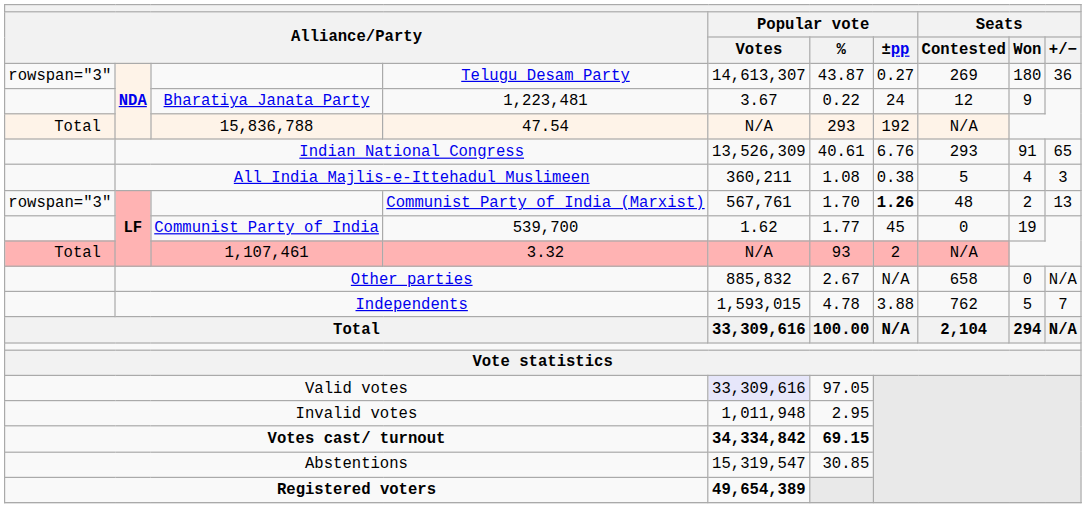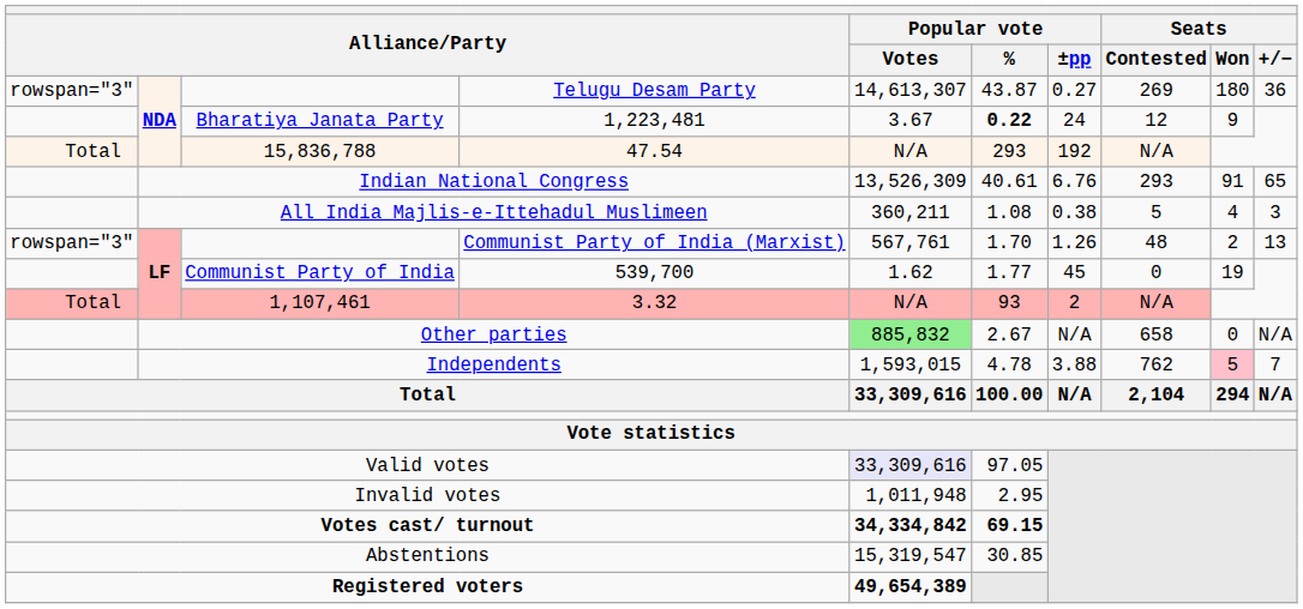 <table class="wikitable sortable" style="text-align:center;">
 <tr>
 <th colspan=10></th>
 </tr>
 <tr>
 <th colspan="4" rowspan="2">Alliance/Party</th>
 <th colspan="3">Popular vote</th>
 <th colspan="3">Seats</th>
 </tr>
 <tr>
 <th>Votes</th>
 <th>%</th>
 <th>±<a href='#'>pp</a></th>
 <th>Contested</th>
 <th>Won</th>
 <th><strong>+/−</strong></th>
 </tr>
 <tr>
 <td>rowspan="3" </td>
 <th rowspan="3" style="background:#FEF3E8"><a href='#'>NDA</a></th>
 <td></td>
 <td><a href='#'>Telugu Desam Party</a></td>
 <td>14,613,307</td>
 <td>43.87</td>
 <td> 0.27</td>
 <td>269</td>
 <td>180</td>
 <td> 36</td>
 </tr>
 <tr>
 <td></td>
 <td><a href='#'>Bharatiya Janata Party</a></td>
 <td>1,223,481</td>
 <td>3.67</td>
-<td> 0.22</td>
+<td><strong> 0.22</strong></td>
 <td>24</td>
 <td>12</td>
 <td> 9</td>
 </tr>
 <tr>
 <td colspan="2" style="background:#fef3E8">Total</td>
 <td style="background:#fef3E8">15,836,788</td>
 <td style="background:#fef3E8">47.54</td>
 <td style="background:#fef3E8">N/A</td>
 <td style="background:#fef3E8">293</td>
 <td style="background:#fef3E8">192</td>
 <td style="background:#fef3E8">N/A</td>
 </tr>
 <tr>
 <td></td>
 <td colspan=3><a href='#'>Indian National Congress</a></td>
 <td>13,526,309</td>
 <td>40.61</td>
 <td> 6.76</td>
 <td>293</td>
 <td>91</td>
 <td> 65</td>
 </tr>
 <tr>
 <td></td>
 <td colspan=3><a href='#'>All India Majlis-e-Ittehadul Muslimeen</a></td>
 <td>360,211</td>
 <td>1.08</td>
 <td> 0.38</td>
 <td>5</td>
 <td>4</td>
 <td> 3</td>
 </tr>
 <tr>
 <td>rowspan="3" </td>
 <th rowspan="3" style="background:#ffb3b3">LF</th>
 <td></td>
 <td><a href='#'>Communist Party of India (Marxist)</a></td>
 <td>567,761</td>
 <td>1.70</td>
-<td><strong> 1.26</strong></td>
+<td> 1.26</td>
 <td>48</td>
 <td>2</td>
 <td> 13</td>
 </tr>
 <tr>
 <td></td>
 <td><a href='#'>Communist Party of India</a></td>
 <td>539,700</td>
 <td>1.62</td>
 <td> 1.77</td>
 <td>45</td>
 <td>0</td>
 <td> 19</td>
 </tr>
 <tr>
 <td colspan="2" style="background:#ffb3b3">Total</td>
 <td style="background:#ffb3b3">1,107,461</td>
 <td style="background:#ffb3b3">3.32</td>
 <td style="background:#ffb3b3">N/A</td>
 <td style="background:#ffb3b3">93</td>
 <td style="background:#ffb3b3">2</td>
 <td style="background:#ffb3b3">N/A</td>
 </tr>
 <tr>
 <td></td>
 <td colspan="3"><a href='#'>Other parties</a></td>
-<td>885,832</td>
+<td style="background: lightgreen;">885,832</td>
 <td>2.67</td>
 <td>N/A</td>
 <td>658</td>
 <td>0</td>
 <td>N/A</td>
 </tr>
 <tr>
 <td></td>
 <td colspan="3"><a href='#'>Independents</a></td>
 <td>1,593,015</td>
 <td>4.78</td>
 <td> 3.88</td>
 <td>762</td>
-<td>5</td>
+<td style="background: pink;">5</td>
 <td> 7</td>
 </tr>
 <tr>
 <th colspan="4">Total</th>
 <th>33,309,616</th>
 <th>100.00</th>
 <th>N/A</th>
 <th>2,104</th>
 <th>294</th>
 <th>N/A</th>
 </tr>
 <tr>
 <td colspan="10"></td>
 </tr>
 <tr>
 <th colspan="10">Vote statistics</th>
 </tr>
 <tr>
 <td colspan="4">Valid votes</td>
 <td align="right" style="background: lavender;">33,309,616</td>
 <td align="right">97.05</td>
 <th colspan="4" rowspan="5" style="background-color:#E9E9E9"></th>
 </tr>
 <tr>
 <td colspan="4">Invalid votes</td>
 <td align="right">1,011,948</td>
 <td align="right">2.95</td>
 </tr>
 <tr>
 <td colspan="4"><strong>Votes cast/ turnout</strong></td>
 <td align="right"><strong>34,334,842</strong></td>
 <td align="right"><strong>69.15</strong></td>
 </tr>
 <tr>
 <td colspan="4">Abstentions</td>
 <td align="right">15,319,547</td>
 <td align="right">30.85</td>
 </tr>
 <tr>
 <td colspan="4"><strong>Registered voters</strong></td>
 <td align="right"><strong>49,654,389</strong></td>
 <td style="background-color:#E9E9E9"></td>
 </tr>
 <tr>
 </tr>
 </table>
